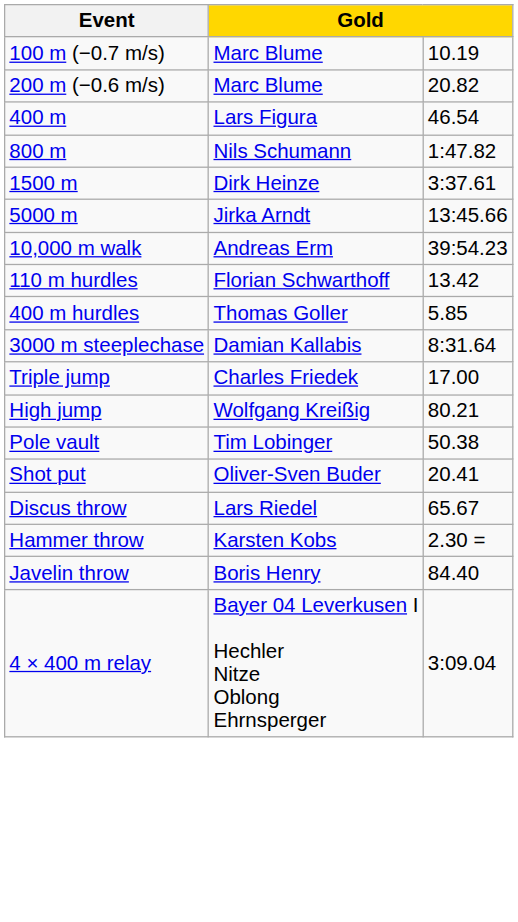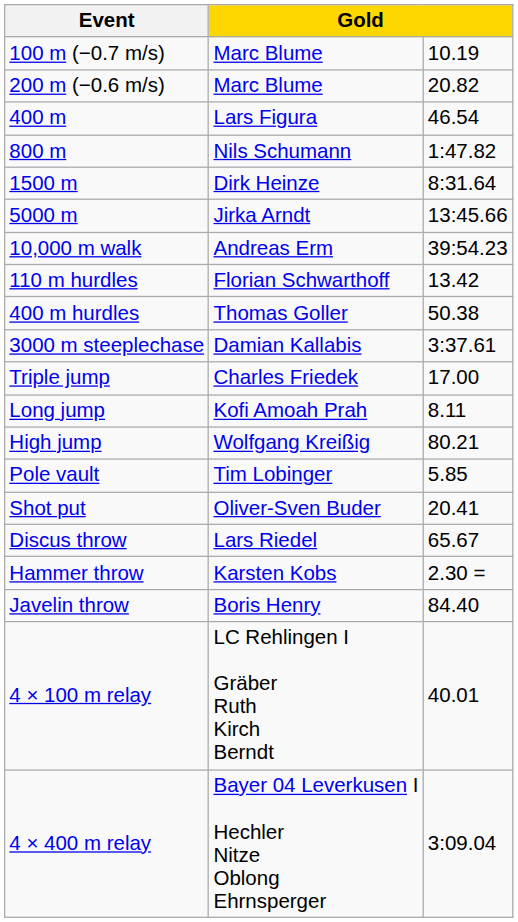 <table class="wikitable">
 <tr>
 <th>Event</th>
 <th style="background:gold;" colspan=2>Gold</th>
 </tr>
 <tr>
 <td><a href='#'>100 m</a> (−0.7 m/s)</td>
 <td><a href='#'>Marc Blume</a></td>
 <td>10.19 </td>
 </tr>
 <tr>
 <td><a href='#'>200 m</a> (−0.6 m/s)</td>
 <td><a href='#'>Marc Blume</a></td>
 <td>20.82 </td>
 </tr>
 <tr>
 <td><a href='#'>400 m</a></td>
 <td><a href='#'>Lars Figura</a></td>
 <td>46.54 </td>
 </tr>
 <tr>
 <td><a href='#'>800 m</a></td>
 <td><a href='#'>Nils Schumann</a></td>
 <td>1:47.82</td>
 </tr>
 <tr>
 <td><a href='#'>1500 m</a></td>
 <td><a href='#'>Dirk Heinze</a></td>
-<td>3:37.61</td>
+<td>8:31.64</td>
 </tr>
 <tr>
 <td><a href='#'>5000 m</a></td>
 <td><a href='#'>Jirka Arndt</a></td>
 <td>13:45.66</td>
 </tr>
 <tr>
 <td><a href='#'>10,000 m walk</a></td>
 <td><a href='#'>Andreas Erm</a></td>
 <td>39:54.23 </td>
 </tr>
 <tr>
 <td><a href='#'>110 m hurdles</a></td>
 <td><a href='#'>Florian Schwarthoff</a></td>
 <td>13.42</td>
 </tr>
 <tr>
 <td><a href='#'>400 m hurdles</a></td>
 <td><a href='#'>Thomas Goller</a></td>
-<td>5.85 </td>
+<td>50.38</td>
 </tr>
 <tr>
 <td><a href='#'>3000 m steeplechase</a></td>
 <td><a href='#'>Damian Kallabis</a></td>
-<td>8:31.64</td>
+<td>3:37.61</td>
 </tr>
 <tr>
 <td><a href='#'>Triple jump</a></td>
 <td><a href='#'>Charles Friedek</a></td>
 <td>17.00</td>
+</tr>
+<tr>
+<td><a href='#'>Long jump</a></td>
+<td><a href='#'>Kofi Amoah Prah</a></td>
+<td>8.11</td>
 </tr>
 <tr>
 <td><a href='#'>High jump</a></td>
 <td><a href='#'>Wolfgang Kreißig</a></td>
 <td>80.21 </td>
 </tr>
 <tr>
 <td><a href='#'>Pole vault</a></td>
 <td><a href='#'>Tim Lobinger</a></td>
-<td>50.38</td>
+<td>5.85 </td>
 </tr>
 <tr>
 <td><a href='#'>Shot put</a></td>
 <td><a href='#'>Oliver-Sven Buder</a></td>
 <td>20.41 </td>
 </tr>
 <tr>
 <td><a href='#'>Discus throw</a></td>
 <td><a href='#'>Lars Riedel</a></td>
 <td>65.67</td>
 </tr>
 <tr>
 <td><a href='#'>Hammer throw</a></td>
 <td><a href='#'>Karsten Kobs</a></td>
 <td>2.30 =</td>
 </tr>
 <tr>
 <td><a href='#'>Javelin throw</a></td>
 <td><a href='#'>Boris Henry</a></td>
 <td>84.40</td>
 </tr>
 <tr>
+<td><a href='#'>4 × 100 m relay</a></td>
+<td>LC Rehlingen I <br><br>Gräber <br> Ruth <br> Kirch <br> Berndt</td>
+<td>40.01</td>
+</tr>
+<tr>
 <td><a href='#'>4 × 400 m relay</a></td>
 <td><a href='#'>Bayer 04 Leverkusen</a> I <br><br>Hechler <br> Nitze <br> Oblong <br> Ehrnsperger</td>
 <td>3:09.04</td>
 </tr>
 </table>
